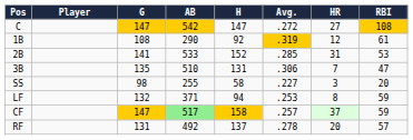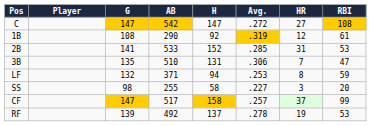 <table class="wikitable sortable" style="text-align:center;">
 <tr>
 <th style="background:#1c2841;color:white;" width="5%">Pos</th>
 <th style="background:#1c2841;color:white;" width="16%">Player</th>
 <th style="background:#1c2841;color:white;" width="9%">G</th>
 <th style="background:#1c2841;color:white;" width="9%">AB</th>
 <th style="background:#1c2841;color:white;" width="9%">H</th>
 <th style="background:#1c2841;color:white;" width="9%">Avg.</th>
 <th style="background:#1c2841;color:white;" width="9%">HR</th>
 <th style="background:#1c2841;color:white;" width="9%">RBI</th>
 </tr>
 <tr align="center">
 <td>C</td>
 <td></td>
 <td style="background:#fc0;">147</td>
 <td style="background:#fc0;">542</td>
 <td>147</td>
 <td>.272</td>
 <td>27</td>
 <td style="background:#fc0;">108</td>
 </tr>
 <tr align="center">
 <td>1B</td>
 <td></td>
 <td>108</td>
 <td>290</td>
 <td>92</td>
 <td style="background:#fc0;">.319</td>
 <td>12</td>
 <td>61</td>
 </tr>
 <tr align="center">
 <td>2B</td>
 <td></td>
 <td>141</td>
 <td>533</td>
 <td>152</td>
 <td>.285</td>
 <td>31</td>
 <td>53</td>
 </tr>
 <tr align="center">
 <td>3B</td>
 <td></td>
 <td>135</td>
 <td>510</td>
 <td>131</td>
 <td>.306</td>
 <td>7</td>
 <td>47</td>
 </tr>
 <tr align="center">
+<td>LF</td>
+<td></td>
+<td>132</td>
+<td>371</td>
+<td>94</td>
+<td>.253</td>
+<td>8</td>
+<td>59</td>
+</tr>
+<tr align="center">
 <td>SS</td>
 <td></td>
 <td>98</td>
 <td>255</td>
 <td>58</td>
 <td>.227</td>
 <td>3</td>
 <td>20</td>
 </tr>
 <tr align="center">
-<td>LF</td>
-<td></td>
-<td>132</td>
-<td>371</td>
-<td>94</td>
-<td>.253</td>
-<td>8</td>
-<td>59</td>
-</tr>
-<tr align="center">
 <td>CF</td>
 <td></td>
 <td style="background:#fc0;">147</td>
-<td style="background: lightgreen;">517</td>
+<td>517</td>
 <td style="background:#fc0;">158</td>
 <td>.257</td>
 <td style="background:#DDFFDD;">37</td>
-<td>59</td>
+<td>99</td>
 </tr>
 <tr align="center">
 <td>RF</td>
 <td></td>
-<td>131</td>
+<td>139</td>
 <td>492</td>
 <td>137</td>
 <td>.278</td>
-<td>20</td>
-<td>57</td>
+<td>19</td>
+<td>53</td>
 </tr>
 </table>
